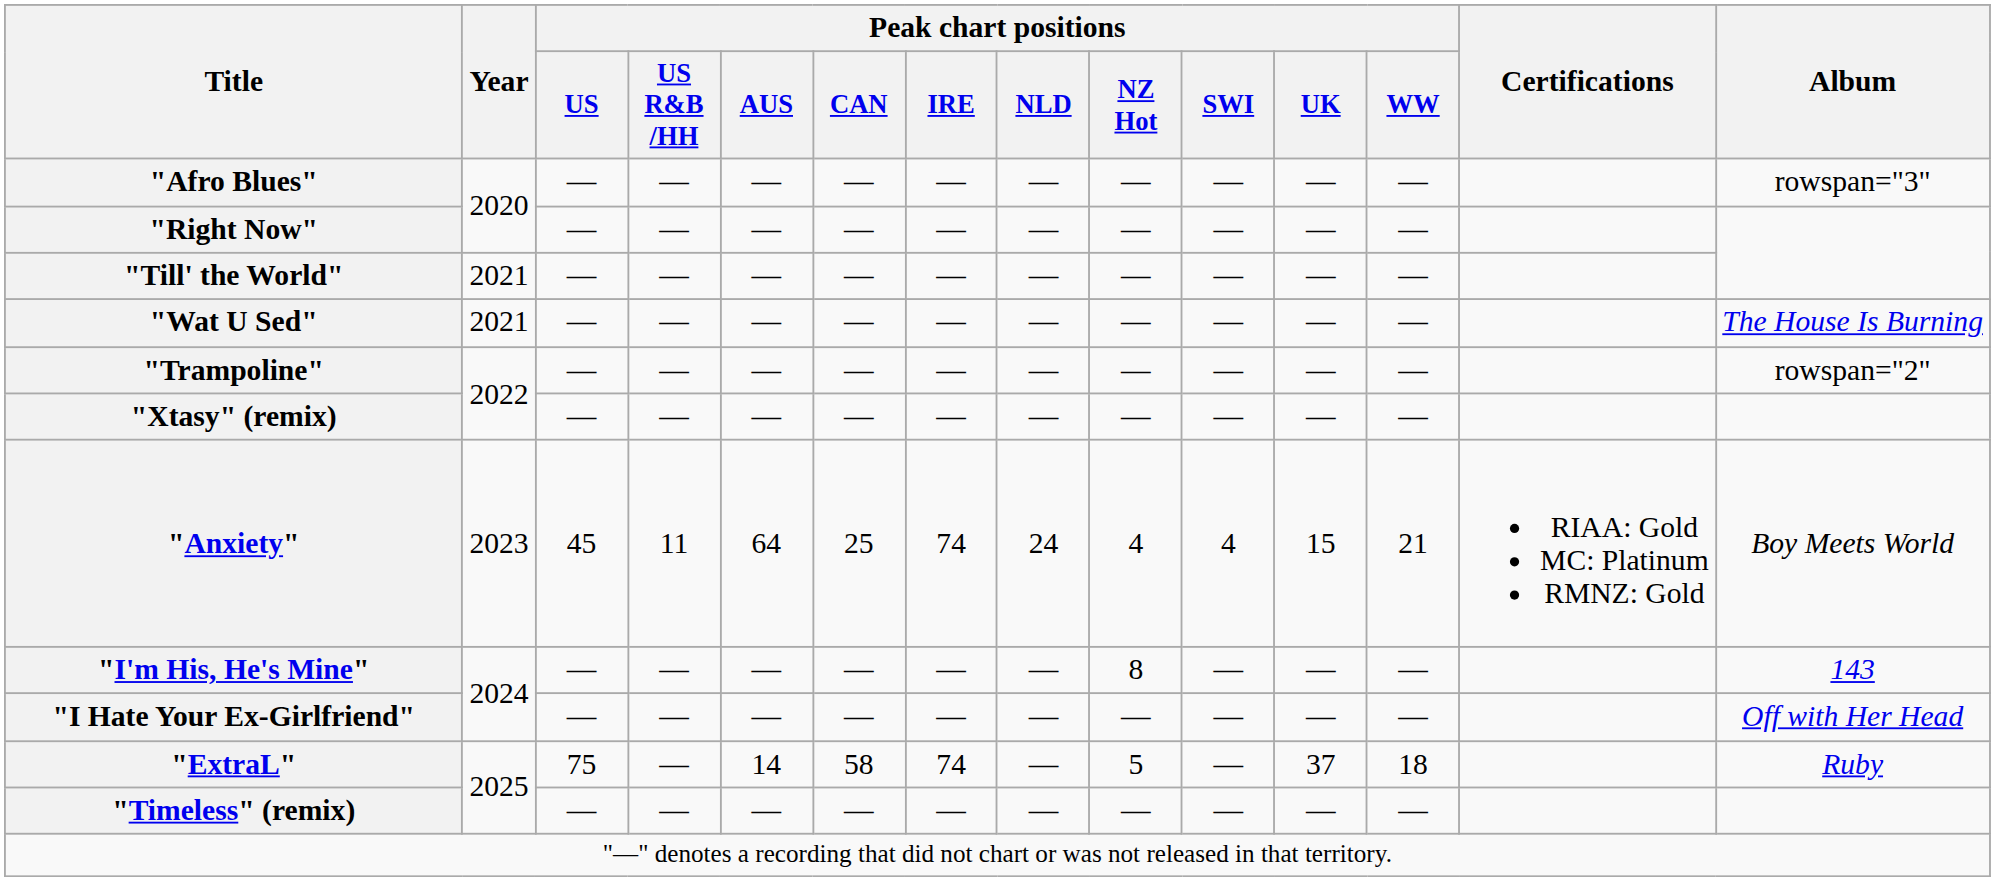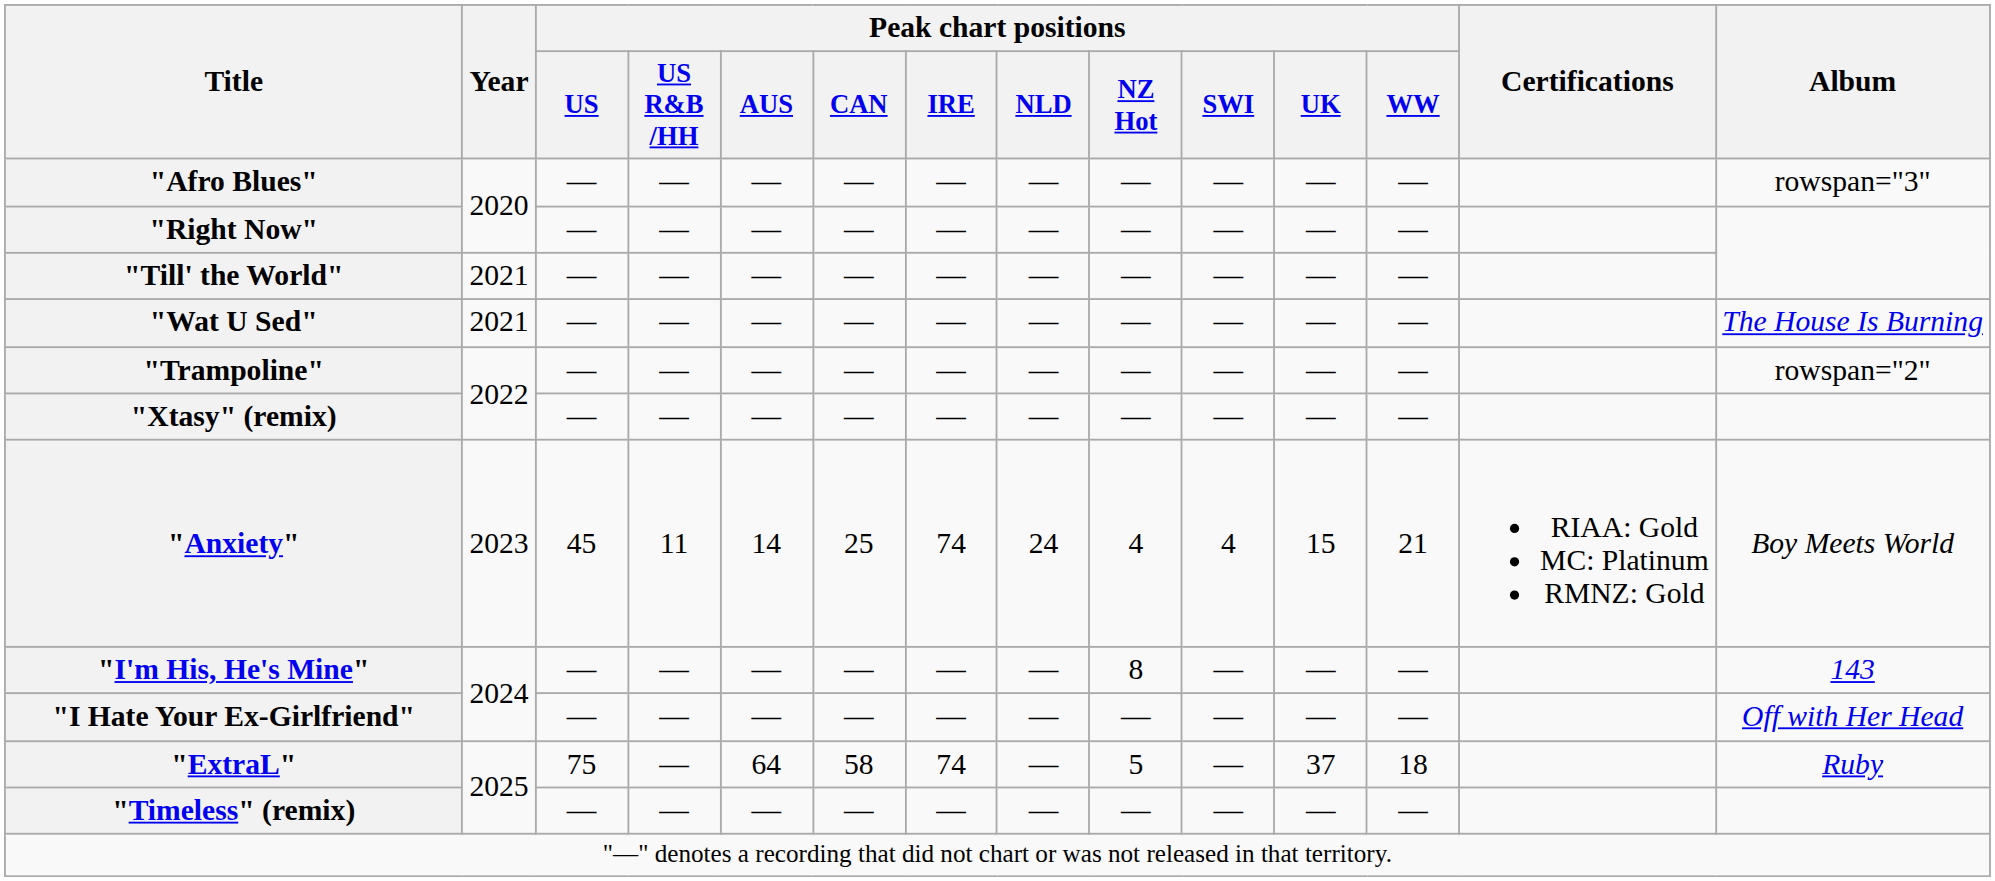 <table class="wikitable plainrowheaders" style="text-align:center;">
 <tr>
 <th scope="col" rowspan="2" style="width:15em;">Title</th>
 <th scope="col" rowspan="2" style="width:1em;">Year</th>
 <th scope="col" colspan="10">Peak chart positions</th>
 <th scope="col" rowspan="2">Certifications</th>
 <th scope="col" rowspan="2">Album</th>
 </tr>
 <tr>
 <th scope="col" style="width:3em;font-size:90%;"><a href='#'>US</a><br></th>
 <th scope="col" style="width:3em;font-size:90%;"><a href='#'>US<br>R&B<br>/HH</a><br></th>
 <th scope="col" style="width:3em;font-size:90%;"><a href='#'>AUS</a><br></th>
 <th scope="col" style="width:3em;font-size:90%;"><a href='#'>CAN</a><br></th>
 <th scope="col" style="width:3em;font-size:90%;"><a href='#'>IRE</a><br></th>
 <th scope="col" style="width:3em;font-size:90%;"><a href='#'>NLD</a><br></th>
 <th scope="col" style="width:3em;font-size:90%;"><a href='#'>NZ<br>Hot</a><br></th>
 <th scope="col" style="width:3em;font-size:90%;"><a href='#'>SWI</a><br></th>
 <th scope="col" style="width:3em;font-size:90% "><a href='#'>UK</a><br></th>
 <th scope="col" style="width:3em;font-size:90%;"><a href='#'>WW</a><br></th>
 </tr>
 <tr>
 <th scope="row">"Afro Blues"<br></th>
 <td rowspan="2">2020</td>
 <td>—</td>
 <td>—</td>
 <td>—</td>
 <td>—</td>
 <td>—</td>
 <td>—</td>
 <td>—</td>
 <td>—</td>
 <td>—</td>
 <td>—</td>
 <td></td>
 <td>rowspan="3" </td>
 </tr>
 <tr>
 <th scope="row">"Right Now"<br></th>
 <td>—</td>
 <td>—</td>
 <td>—</td>
 <td>—</td>
 <td>—</td>
 <td>—</td>
 <td>—</td>
 <td>—</td>
 <td>—</td>
 <td>—</td>
 <td></td>
 </tr>
 <tr>
 <th scope="row">"Till' the World"<br></th>
 <td rowspan="1">2021</td>
 <td>—</td>
 <td>—</td>
 <td>—</td>
 <td>—</td>
 <td>—</td>
 <td>—</td>
 <td>—</td>
 <td>—</td>
 <td>—</td>
 <td>—</td>
 <td></td>
 </tr>
 <tr>
 <th scope="row">"Wat U Sed"<br></th>
 <td>2021</td>
 <td>—</td>
 <td>—</td>
 <td>—</td>
 <td>—</td>
 <td>—</td>
 <td>—</td>
 <td>—</td>
 <td>—</td>
 <td>—</td>
 <td>—</td>
 <td></td>
 <td><em><a href='#'>The House Is Burning</a></em></td>
 </tr>
 <tr>
 <th scope="row">"Trampoline"<br></th>
 <td rowspan="2">2022</td>
 <td>—</td>
 <td>—</td>
 <td>—</td>
 <td>—</td>
 <td>—</td>
 <td>—</td>
 <td>—</td>
 <td>—</td>
 <td>—</td>
 <td>—</td>
 <td></td>
 <td>rowspan="2" </td>
 </tr>
 <tr>
 <th scope="row">"Xtasy" (remix)<br></th>
 <td>—</td>
 <td>—</td>
 <td>—</td>
 <td>—</td>
 <td>—</td>
 <td>—</td>
 <td>—</td>
 <td>—</td>
 <td>—</td>
 <td>—</td>
 <td></td>
 </tr>
 <tr>
 <th scope="row">"<a href='#'>Anxiety</a>"<br></th>
 <td>2023</td>
 <td>45</td>
 <td>11</td>
-<td>64</td>
+<td>14</td>
 <td>25</td>
 <td>74</td>
 <td>24</td>
 <td>4</td>
 <td>4</td>
 <td>15</td>
 <td>21</td>
 <td><br><ul><li>RIAA: Gold</li><li>MC: Platinum</li><li>RMNZ: Gold</li></ul></td>
 <td><em>Boy Meets World</em></td>
 </tr>
 <tr>
 <th scope="row">"<a href='#'>I'm His, He's Mine</a>"<br></th>
 <td rowspan="2">2024</td>
 <td>—</td>
 <td>—</td>
 <td>—</td>
 <td>—</td>
 <td>—</td>
 <td>—</td>
 <td>8</td>
 <td>—</td>
 <td>—</td>
 <td>—</td>
 <td></td>
 <td><em><a href='#'>143</a></em></td>
 </tr>
 <tr>
 <th scope="row">"I Hate Your Ex-Girlfriend"<br></th>
 <td>—</td>
 <td>—</td>
 <td>—</td>
 <td>—</td>
 <td>—</td>
 <td>—</td>
 <td>—</td>
 <td>—</td>
 <td>—</td>
 <td>—</td>
 <td></td>
 <td><em><a href='#'>Off with Her Head</a></em></td>
 </tr>
 <tr>
 <th scope="row">"<a href='#'>ExtraL</a>"<br></th>
 <td rowspan="2">2025</td>
 <td>75</td>
 <td>—</td>
-<td>14</td>
+<td>64</td>
 <td>58</td>
 <td>74</td>
 <td>—</td>
 <td>5</td>
 <td>—</td>
 <td>37</td>
 <td>18</td>
 <td></td>
 <td><em><a href='#'>Ruby</a></em></td>
 </tr>
 <tr>
 <th scope="row">"<a href='#'>Timeless</a>" (remix)<br></th>
 <td>—</td>
 <td>—</td>
 <td>—</td>
 <td>—</td>
 <td>—</td>
 <td>—</td>
 <td>—</td>
 <td>—</td>
 <td>—</td>
 <td>—</td>
 <td></td>
 <td></td>
 </tr>
 <tr>
 <td colspan="14" style="font-size:85%">"—" denotes a recording that did not chart or was not released in that territory.</td>
 </tr>
 </table>
